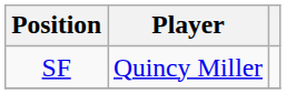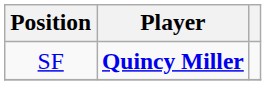 <table class="wikitable" style="text-align: center;">
 <tr>
 <th>Position</th>
 <th>Player</th>
 <th></th>
 </tr>
 <tr>
 <td><a href='#'>SF</a></td>
-<td align="left"> <a href='#'>Quincy Miller</a></td>
+<td align="left"><strong> <a href='#'>Quincy Miller</a></strong></td>
 <td></td>
 </tr>
 <tr>
 </tr>
 </table>
